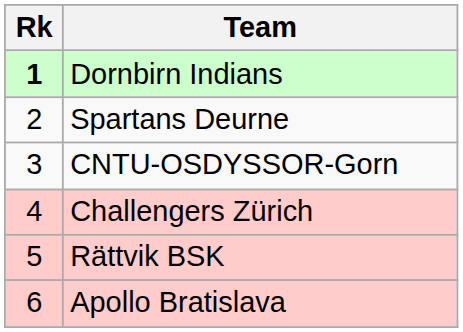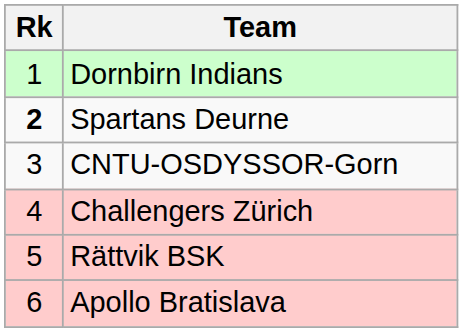 <table class="wikitable" style="text-align:center">
 <tr>
 <th width="25">Rk</th>
 <th width="210">Team</th>
 </tr>
 <tr style="background-color:#ccffcc;">
-<td><strong>1</strong></td>
+<td>1</td>
 <td style="text-align:left;"> Dornbirn Indians</td>
 </tr>
 <tr>
-<td>2</td>
+<td><strong>2</strong></td>
 <td style="text-align:left;"> Spartans Deurne</td>
 </tr>
 <tr>
 <td>3</td>
 <td style="text-align:left;"> CNTU-OSDYSSOR-Gorn</td>
 </tr>
 <tr style="background-color:#ffcccc;">
 <td>4</td>
 <td style="text-align:left;"> Challengers Zürich</td>
 </tr>
 <tr style="background-color:#ffcccc;">
 <td>5</td>
 <td style="text-align:left;"> Rättvik BSK</td>
 </tr>
 <tr style="background-color:#ffcccc;">
 <td>6</td>
 <td style="text-align:left;"> Apollo Bratislava</td>
 </tr>
 </table>
